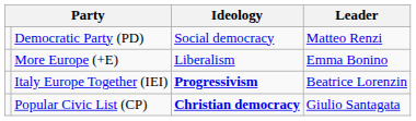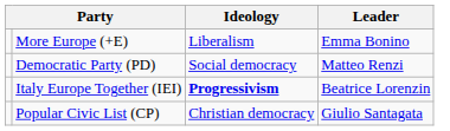 <table class=wikitable style=text-align:left>
 <tr>
 <th colspan=2>Party</th>
 <th>Ideology</th>
 <th>Leader</th>
 </tr>
 <tr>
 <td></td>
+<td><a href='#'>More Europe</a> (+E)</td>
+<td><a href='#'>Liberalism</a></td>
+<td><a href='#'>Emma Bonino</a></td>
+</tr>
+<tr>
+<td></td>
 <td><a href='#'>Democratic Party</a> (PD)</td>
 <td><a href='#'>Social democracy</a></td>
 <td><a href='#'>Matteo Renzi</a></td>
-</tr>
-<tr>
-<td></td>
-<td><a href='#'>More Europe</a> (+E)</td>
-<td><a href='#'>Liberalism</a></td>
-<td><a href='#'>Emma Bonino</a></td>
 </tr>
 <tr>
 <td></td>
 <td><a href='#'>Italy Europe Together</a> (IEI)</td>
 <td><strong><a href='#'>Progressivism</a></strong></td>
 <td><a href='#'>Beatrice Lorenzin</a></td>
 </tr>
 <tr>
 <td></td>
 <td><a href='#'>Popular Civic List</a> (CP)</td>
-<td><strong><a href='#'>Christian democracy</a></strong></td>
+<td><a href='#'>Christian democracy</a></td>
 <td><a href='#'>Giulio Santagata</a></td>
 </tr>
 </table>
